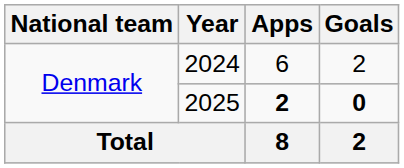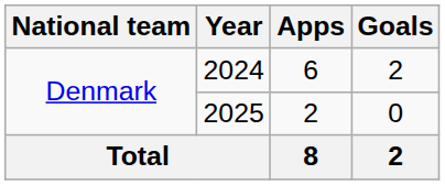 <table class=wikitable style=text-align:center>
 <tr>
 <th>National team</th>
 <th>Year</th>
 <th>Apps</th>
 <th>Goals</th>
 </tr>
 <tr>
 <td rowspan=2><a href='#'>Denmark</a></td>
 <td>2024</td>
 <td>6</td>
 <td>2</td>
 </tr>
 <tr>
 <td>2025</td>
-<td><strong>2</strong></td>
-<td><strong>0</strong></td>
+<td>2</td>
+<td>0</td>
 </tr>
 <tr>
 <th colspan=2>Total</th>
 <th>8</th>
 <th>2</th>
 </tr>
 </table>
